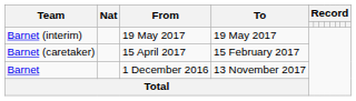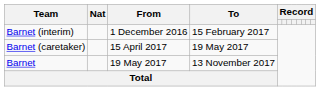 <table class="wikitable" style="text-align: center">
 <tr>
 <th rowspan="2">Team</th>
 <th rowspan="2">Nat</th>
 <th rowspan="2">From</th>
 <th rowspan="2">To</th>
 <th colspan="9">Record</th>
 </tr>
 <tr>
 <th></th>
 <th></th>
 <th></th>
 <th></th>
 <th></th>
 <th></th>
 <th></th>
 <th></th>
 </tr>
 <tr>
 <td align="left"><a href='#'>Barnet</a> (interim)</td>
 <td align=left></td>
-<td align=left>19 May 2017</td>
-<td align=left>19 May 2017<br></td>
+<td align=left>1 December 2016</td>
+<td align=left>15 February 2017<br></td>
 </tr>
 <tr>
 <td align="left"><a href='#'>Barnet</a> (caretaker)</td>
 <td align=left></td>
 <td align=left>15 April 2017</td>
-<td align=left>15 February 2017<br></td>
+<td align=left>19 May 2017<br></td>
 </tr>
 <tr>
 <td align=left><a href='#'>Barnet</a></td>
 <td align=left></td>
-<td align=left>1 December 2016</td>
+<td align=left>19 May 2017</td>
 <td align=left>13 November 2017<br></td>
 </tr>
 <tr>
 <th colspan="4">Total<br></th>
 </tr>
 </table>
